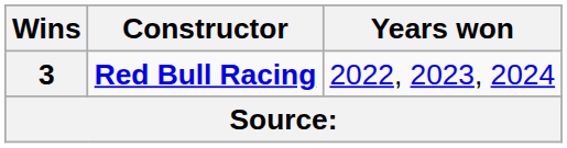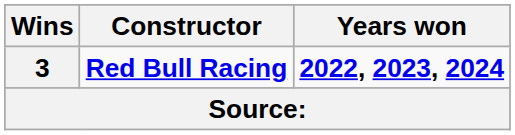 <table class="wikitable" style="font-size: 95%;">
 <tr>
 <th>Wins</th>
 <th>Constructor</th>
 <th>Years won</th>
 </tr>
 <tr>
 <th>3</th>
 <td> <strong><a href='#'>Red Bull Racing</a></strong></td>
-<td><a href='#'>2022</a>, <a href='#'>2023</a>, <a href='#'>2024</a></td>
+<td><strong><a href='#'>2022</a>, <a href='#'>2023</a>, <a href='#'>2024</a></strong></td>
 </tr>
 <tr>
 <th colspan=4>Source:</th>
 </tr>
 </table>
